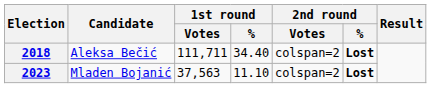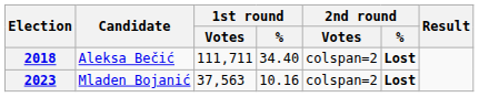 <table class="wikitable">
 <tr>
 <th rowspan=2>Election</th>
 <th rowspan=2>Candidate</th>
 <th colspan=2>1st round</th>
 <th colspan=2>2nd round</th>
 <th rowspan=2>Result</th>
 </tr>
 <tr>
 <th>Votes</th>
 <th>%</th>
 <th>Votes</th>
 <th>%</th>
 </tr>
 <tr>
 <th><a href='#'>2018</a></th>
 <td><a href='#'>Aleksa Bečić</a></td>
 <td>111,711</td>
 <td>34.40</td>
 <td>colspan=2 </td>
 <td><strong>Lost</strong> </td>
 </tr>
 <tr>
 <th><a href='#'>2023</a></th>
 <td><a href='#'>Mladen Bojanić</a></td>
 <td>37,563</td>
-<td>11.10</td>
+<td>10.16</td>
 <td>colspan=2 </td>
 <td><strong>Lost</strong> </td>
 </tr>
 </table>
